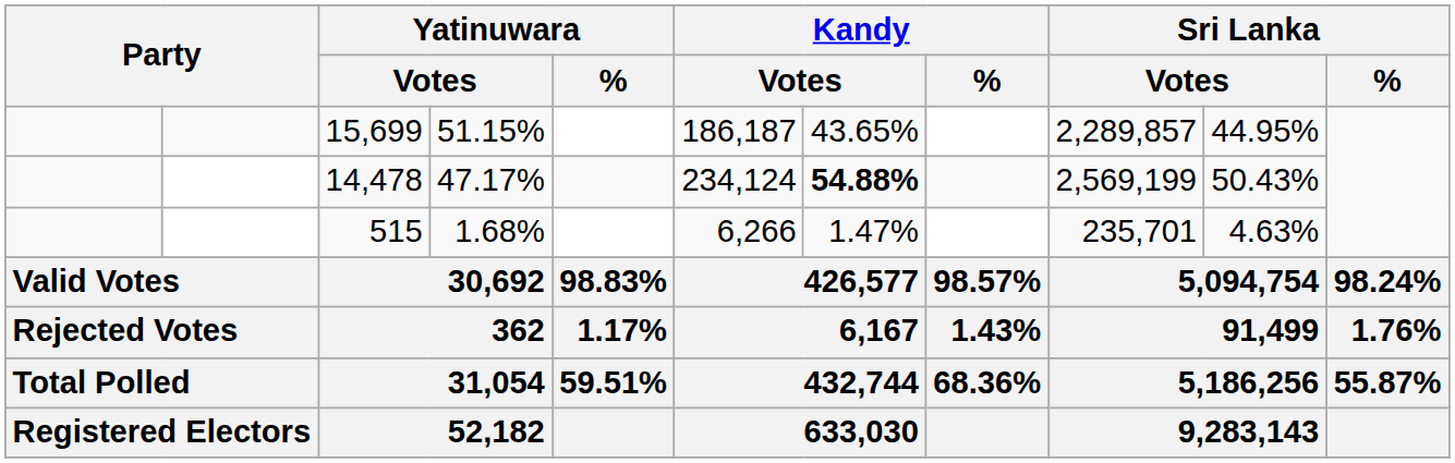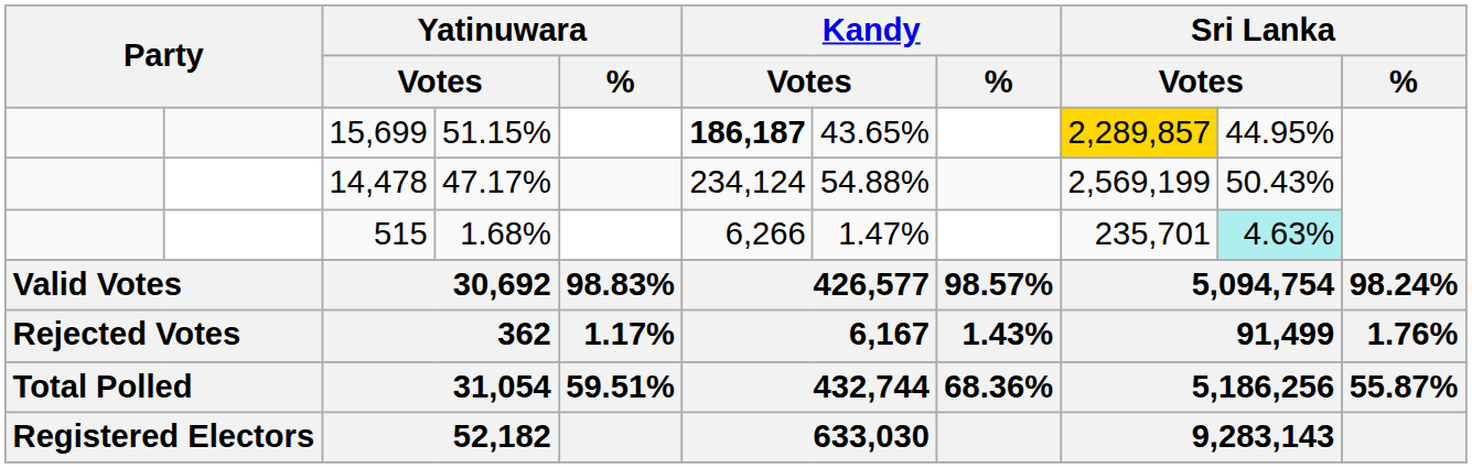 <table class="wikitable">
 <tr>
 <th colspan="2" rowspan="2">Party</th>
 <th colspan="3">Yatinuwara</th>
 <th colspan="3"><a href='#'>Kandy</a></th>
 <th colspan="3">Sri Lanka</th>
 </tr>
 <tr>
 <th colspan="2">Votes</th>
 <th>%</th>
 <th colspan="2">Votes</th>
 <th>%</th>
 <th colspan="2">Votes</th>
 <th>%</th>
 </tr>
 <tr>
 <td></td>
 <td style="background-color:"></td>
 <td style="text-align:right;">15,699</td>
 <td style="text-align:right;">51.15%</td>
 <td style="background-color:white;"></td>
-<td style="text-align:right;">186,187</td>
+<td style="text-align:right;"><strong>186,187</strong></td>
 <td style="text-align:right;">43.65%</td>
 <td style="background-color:white;"></td>
-<td style="text-align:right;">2,289,857</td>
+<td style="background: gold; text-align:right;">2,289,857</td>
 <td style="text-align:right;">44.95%</td>
 </tr>
 <tr>
 <td></td>
 <td style="background-color:white;"></td>
 <td style="text-align:right;">14,478</td>
 <td style="text-align:right;">47.17%</td>
 <td style="background-color:"></td>
 <td style="text-align:right;">234,124</td>
-<td style="text-align:right;"><strong>54.88%</strong></td>
+<td style="text-align:right;">54.88%</td>
 <td style="background-color:"></td>
 <td style="text-align:right;">2,569,199</td>
 <td style="text-align:right;">50.43%</td>
 </tr>
 <tr>
 <td></td>
 <td style="background-color:white;"></td>
 <td style="text-align:right;">515</td>
 <td style="text-align:right;">1.68%</td>
 <td style="background-color:white;"></td>
 <td style="text-align:right;">6,266</td>
 <td style="text-align:right;">1.47%</td>
 <td style="background-color:white;"></td>
 <td style="text-align:right;">235,701</td>
-<td style="text-align:right;">4.63%</td>
+<td style="background: paleturquoise; text-align:right;">4.63%</td>
 </tr>
 <tr>
 <th colspan="2" style="text-align:left;">Valid Votes</th>
 <th style="text-align:right;"colspan="2">30,692</th>
 <th style="text-align:right;">98.83%</th>
 <th style="text-align:right;"colspan="2">426,577</th>
 <th style="text-align:right;">98.57%</th>
 <th style="text-align:right;"colspan="2">5,094,754</th>
 <th style="text-align:right;">98.24%</th>
 </tr>
 <tr>
 <th colspan="2" style="text-align:left;">Rejected Votes</th>
 <th style="text-align:right;"colspan="2">362</th>
 <th style="text-align:right;">1.17%</th>
 <th style="text-align:right;"colspan="2">6,167</th>
 <th style="text-align:right;">1.43%</th>
 <th style="text-align:right;"colspan="2">91,499</th>
 <th style="text-align:right;">1.76%</th>
 </tr>
 <tr>
 <th colspan="2" style="text-align:left;">Total Polled</th>
 <th style="text-align:right;"colspan="2">31,054</th>
 <th style="text-align:right;">59.51%</th>
 <th style="text-align:right;"colspan="2">432,744</th>
 <th style="text-align:right;">68.36%</th>
 <th style="text-align:right;"colspan="2">5,186,256</th>
 <th style="text-align:right;">55.87%</th>
 </tr>
 <tr>
 <th colspan="2" style="text-align:left;">Registered Electors</th>
 <th style="text-align:right;"colspan="2">52,182</th>
 <th></th>
 <th style="text-align:right;"colspan="2">633,030</th>
 <th></th>
 <th style="text-align:right;"colspan="2">9,283,143</th>
 <th></th>
 </tr>
 </table>
